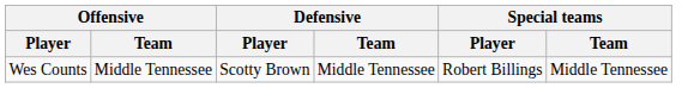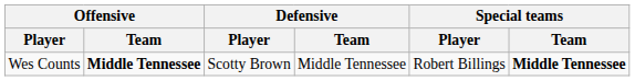 <table class="wikitable">
 <tr>
 <th colspan="2">Offensive</th>
 <th colspan="2">Defensive</th>
 <th colspan="2">Special teams</th>
 </tr>
 <tr>
 <th>Player</th>
 <th>Team</th>
 <th>Player</th>
 <th>Team</th>
 <th>Player</th>
 <th>Team</th>
 </tr>
 <tr>
 <td>Wes Counts</td>
-<td>Middle Tennessee</td>
+<td><strong>Middle Tennessee</strong></td>
 <td>Scotty Brown</td>
 <td>Middle Tennessee</td>
 <td>Robert Billings</td>
-<td>Middle Tennessee</td>
+<td><strong>Middle Tennessee</strong></td>
 </tr>
 </table>
